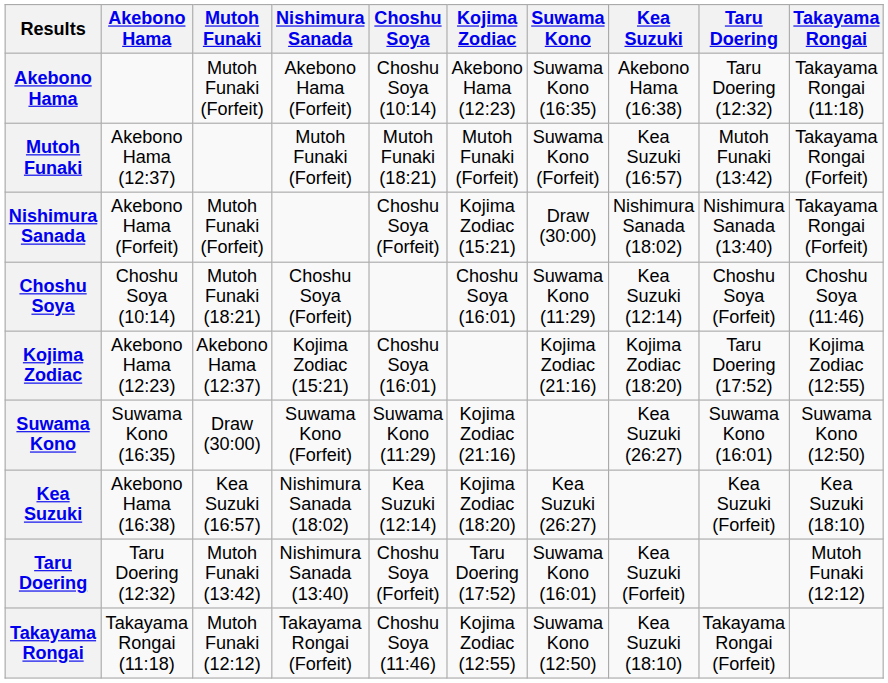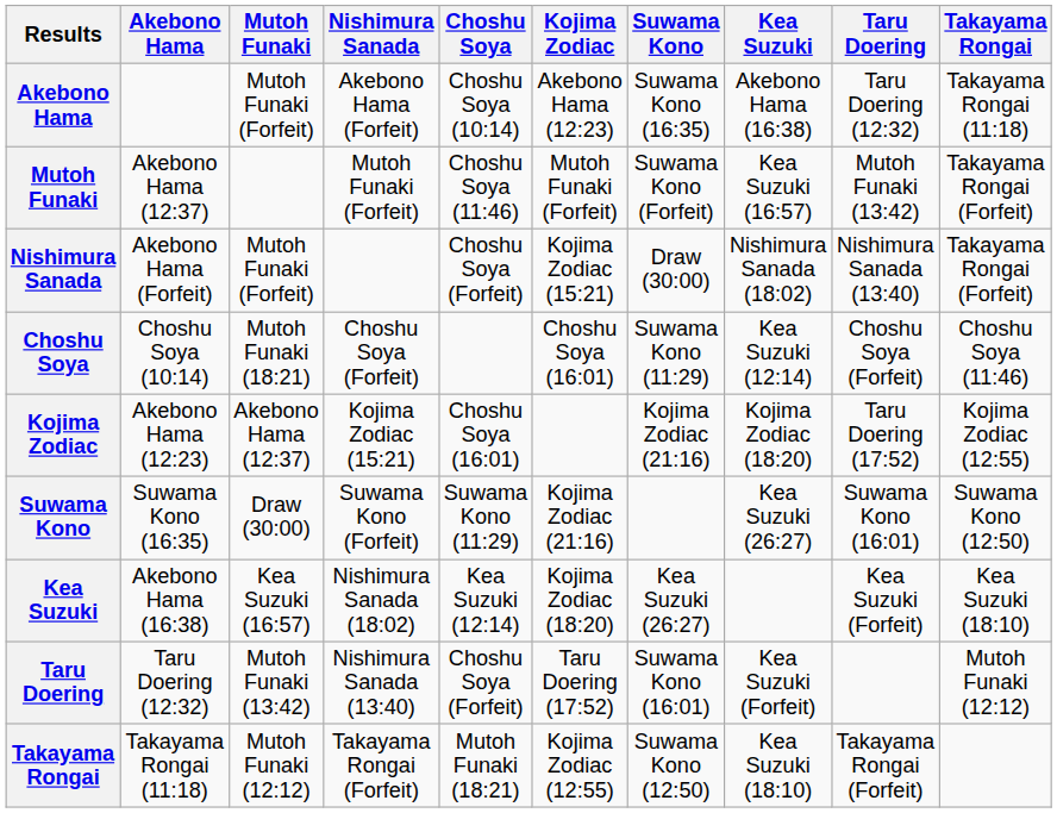 <table class="wikitable" style="text-align:center; margin: 1em auto 1em auto">
 <tr>
 <th>Results</th>
 <th><a href='#'>Akebono</a><br><a href='#'>Hama</a></th>
 <th><a href='#'>Mutoh</a><br><a href='#'>Funaki</a></th>
 <th><a href='#'>Nishimura</a><br><a href='#'>Sanada</a></th>
 <th><a href='#'>Choshu</a><br><a href='#'>Soya</a></th>
 <th><a href='#'>Kojima</a><br><a href='#'>Zodiac</a></th>
 <th><a href='#'>Suwama</a><br><a href='#'>Kono</a></th>
 <th><a href='#'>Kea</a><br><a href='#'>Suzuki</a></th>
 <th><a href='#'>Taru</a><br><a href='#'>Doering</a></th>
 <th><a href='#'>Takayama</a><br><a href='#'>Rongai</a></th>
 </tr>
 <tr>
 <th><a href='#'>Akebono</a><br><a href='#'>Hama</a></th>
 <td></td>
 <td>Mutoh<br>Funaki<br>(Forfeit)</td>
 <td>Akebono<br>Hama<br>(Forfeit)</td>
 <td>Choshu<br>Soya<br>(10:14)</td>
 <td>Akebono<br>Hama<br>(12:23)</td>
 <td>Suwama<br>Kono<br>(16:35)</td>
 <td>Akebono<br>Hama<br>(16:38)</td>
 <td>Taru<br>Doering<br>(12:32)</td>
 <td>Takayama<br>Rongai<br>(11:18)</td>
 </tr>
 <tr>
 <th><a href='#'>Mutoh</a><br><a href='#'>Funaki</a></th>
 <td>Akebono<br>Hama<br>(12:37)</td>
 <td></td>
 <td>Mutoh<br>Funaki<br>(Forfeit)</td>
-<td>Mutoh<br>Funaki<br>(18:21)</td>
+<td>Choshu<br>Soya<br>(11:46)</td>
 <td>Mutoh<br>Funaki<br>(Forfeit)</td>
 <td>Suwama<br>Kono<br>(Forfeit)</td>
 <td>Kea<br>Suzuki<br>(16:57)</td>
 <td>Mutoh<br>Funaki<br>(13:42)</td>
 <td>Takayama<br>Rongai<br>(Forfeit)</td>
 </tr>
 <tr>
 <th><a href='#'>Nishimura</a><br><a href='#'>Sanada</a></th>
 <td>Akebono<br>Hama<br>(Forfeit)</td>
 <td>Mutoh<br>Funaki<br>(Forfeit)</td>
 <td></td>
 <td>Choshu<br>Soya<br>(Forfeit)</td>
 <td>Kojima<br>Zodiac<br>(15:21)</td>
 <td>Draw<br>(30:00)</td>
 <td>Nishimura<br>Sanada<br>(18:02)</td>
 <td>Nishimura<br>Sanada<br>(13:40)</td>
 <td>Takayama<br>Rongai<br>(Forfeit)</td>
 </tr>
 <tr>
 <th><a href='#'>Choshu</a><br><a href='#'>Soya</a></th>
 <td>Choshu<br>Soya<br>(10:14)</td>
 <td>Mutoh<br>Funaki<br>(18:21)</td>
 <td>Choshu<br>Soya<br>(Forfeit)</td>
 <td></td>
 <td>Choshu<br>Soya<br>(16:01)</td>
 <td>Suwama<br>Kono<br>(11:29)</td>
 <td>Kea<br>Suzuki<br>(12:14)</td>
 <td>Choshu<br>Soya<br>(Forfeit)</td>
 <td>Choshu<br>Soya<br>(11:46)</td>
 </tr>
 <tr>
 <th><a href='#'>Kojima</a><br><a href='#'>Zodiac</a></th>
 <td>Akebono<br>Hama<br>(12:23)</td>
 <td>Akebono<br>Hama<br>(12:37)</td>
 <td>Kojima<br>Zodiac<br>(15:21)</td>
 <td>Choshu<br>Soya<br>(16:01)</td>
 <td></td>
 <td>Kojima<br>Zodiac<br>(21:16)</td>
 <td>Kojima<br>Zodiac<br>(18:20)</td>
 <td>Taru<br>Doering<br>(17:52)</td>
 <td>Kojima<br>Zodiac<br>(12:55)</td>
 </tr>
 <tr>
 <th><a href='#'>Suwama</a><br><a href='#'>Kono</a></th>
 <td>Suwama<br>Kono<br>(16:35)</td>
 <td>Draw<br>(30:00)</td>
 <td>Suwama<br>Kono<br>(Forfeit)</td>
 <td>Suwama<br>Kono<br>(11:29)</td>
 <td>Kojima<br>Zodiac<br>(21:16)</td>
 <td></td>
 <td>Kea<br>Suzuki<br>(26:27)</td>
 <td>Suwama<br>Kono<br>(16:01)</td>
 <td>Suwama<br>Kono<br>(12:50)</td>
 </tr>
 <tr>
 <th><a href='#'>Kea</a><br><a href='#'>Suzuki</a></th>
 <td>Akebono<br>Hama<br>(16:38)</td>
 <td>Kea<br>Suzuki<br>(16:57)</td>
 <td>Nishimura<br>Sanada<br>(18:02)</td>
 <td>Kea<br>Suzuki<br>(12:14)</td>
 <td>Kojima<br>Zodiac<br>(18:20)</td>
 <td>Kea<br>Suzuki<br>(26:27)</td>
 <td></td>
 <td>Kea<br>Suzuki<br>(Forfeit)</td>
 <td>Kea<br>Suzuki<br>(18:10)</td>
 </tr>
 <tr>
 <th><a href='#'>Taru</a><br><a href='#'>Doering</a></th>
 <td>Taru<br>Doering<br>(12:32)</td>
 <td>Mutoh<br>Funaki<br>(13:42)</td>
 <td>Nishimura<br>Sanada<br>(13:40)</td>
 <td>Choshu<br>Soya<br>(Forfeit)</td>
 <td>Taru<br>Doering<br>(17:52)</td>
 <td>Suwama<br>Kono<br>(16:01)</td>
 <td>Kea<br>Suzuki<br>(Forfeit)</td>
 <td></td>
 <td>Mutoh<br>Funaki<br>(12:12)</td>
 </tr>
 <tr>
 <th><a href='#'>Takayama</a><br><a href='#'>Rongai</a></th>
 <td>Takayama<br>Rongai<br>(11:18)</td>
 <td>Mutoh<br>Funaki<br>(12:12)</td>
 <td>Takayama<br>Rongai<br>(Forfeit)</td>
-<td>Choshu<br>Soya<br>(11:46)</td>
+<td>Mutoh<br>Funaki<br>(18:21)</td>
 <td>Kojima<br>Zodiac<br>(12:55)</td>
 <td>Suwama<br>Kono<br>(12:50)</td>
 <td>Kea<br>Suzuki<br>(18:10)</td>
 <td>Takayama<br>Rongai<br>(Forfeit)</td>
 <td></td>
 </tr>
 </table>
